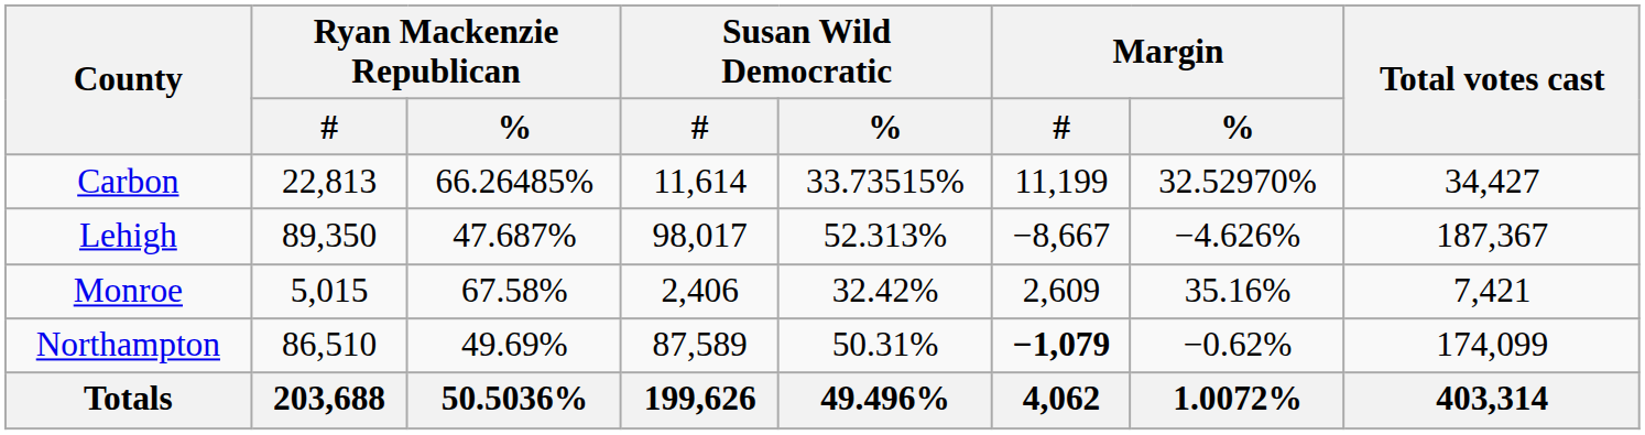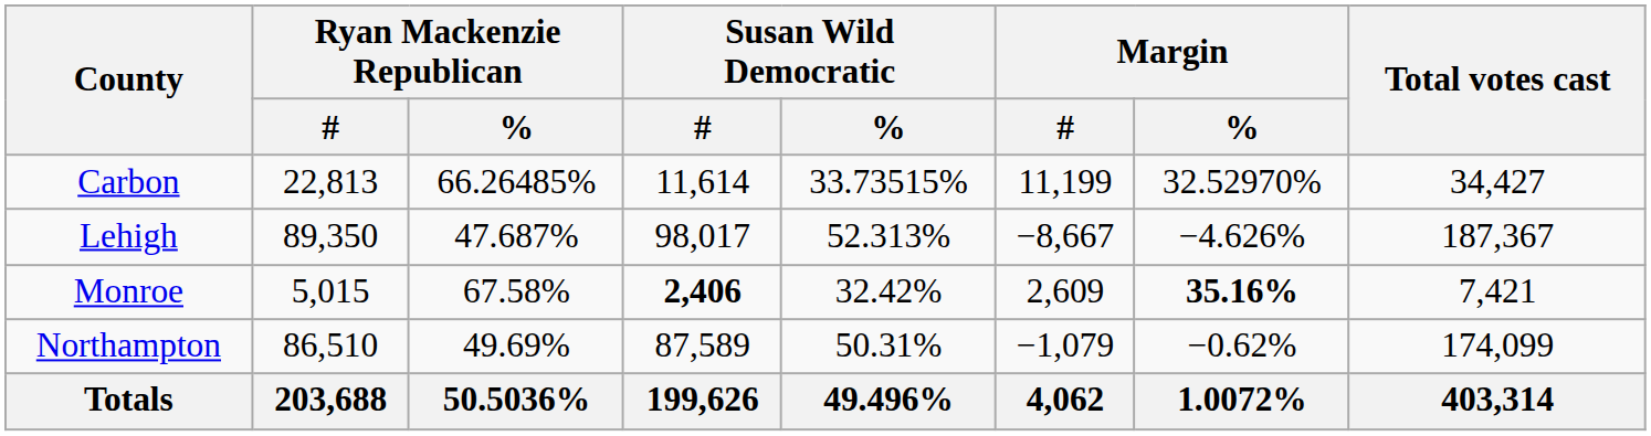 <table width="60%"  class="wikitable sortable" style="text-align:center">
 <tr>
 <th rowspan="2">County</th>
 <th style="text-align:center;" colspan="2">Ryan Mackenzie<br>Republican</th>
 <th style="text-align:center;" colspan="2">Susan Wild<br>Democratic</th>
 <th style="text-align:center;" colspan="2">Margin</th>
 <th rowspan="2" style="text-align:center;">Total votes cast</th>
 </tr>
 <tr>
 <th style="text-align:center;" data-sort-type="number">#</th>
 <th style="text-align:center;" data-sort-type="number">%</th>
 <th style="text-align:center;" data-sort-type="number">#</th>
 <th style="text-align:center;" data-sort-type="number">%</th>
 <th style="text-align:center;" data-sort-type="number">#</th>
 <th style="text-align:center;" data-sort-type="number">%</th>
 </tr>
 <tr style="text-align:center;">
 <td><a href='#'>Carbon</a></td>
 <td>22,813</td>
 <td>66.26485%</td>
 <td>11,614</td>
 <td>33.73515%</td>
 <td>11,199</td>
 <td>32.52970%</td>
 <td>34,427</td>
 </tr>
 <tr style="text-align:center;">
 <td><a href='#'>Lehigh</a></td>
 <td>89,350</td>
 <td>47.687%</td>
 <td>98,017</td>
 <td>52.313%</td>
 <td>−8,667</td>
 <td>−4.626%</td>
 <td>187,367</td>
 </tr>
 <tr style="text-align:center;">
 <td><a href='#'>Monroe</a></td>
 <td>5,015</td>
 <td>67.58%</td>
-<td>2,406</td>
+<td><strong>2,406</strong></td>
 <td>32.42%</td>
 <td>2,609</td>
-<td>35.16%</td>
+<td><strong>35.16%</strong></td>
 <td>7,421</td>
 </tr>
 <tr style="text-align:center;">
 <td><a href='#'>Northampton</a></td>
 <td>86,510</td>
 <td>49.69%</td>
 <td>87,589</td>
 <td>50.31%</td>
-<td><strong>−1,079</strong></td>
+<td>−1,079</td>
 <td>−0.62%</td>
 <td>174,099</td>
 </tr>
 <tr style="text-align:center;">
 <th>Totals</th>
 <th>203,688</th>
 <th>50.5036%</th>
 <th>199,626</th>
 <th>49.496%</th>
 <th>4,062</th>
 <th>1.0072%</th>
 <th>403,314</th>
 </tr>
 </table>
